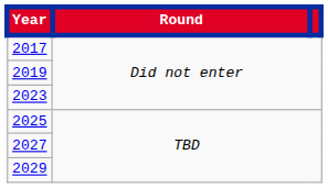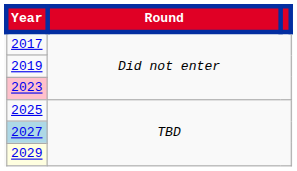 <table class="wikitable" style="text-align: center; font-size:90%">
 <tr style="color:white;">
 <th style="background:#e00025; border: 4px solid #032ea1;">Year</th>
 <th style="background:#e00025; border: 4px solid #032ea1; width:200px">Round</th>
 <th style="background:#e00025; border: 4px solid #032ea1;"></th>
 </tr>
 <tr>
 <td><a href='#'>2017</a></td>
 <td colspan="2" rowspan="3"><em>Did not enter</em></td>
 </tr>
 <tr>
 <td><a href='#'>2019</a></td>
 </tr>
 <tr>
-<td><a href='#'>2023</a></td>
+<td style="background: pink;"><a href='#'>2023</a></td>
 </tr>
 <tr>
 <td><a href='#'>2025</a></td>
 <td colspan="2" rowspan="3"><em>TBD</em></td>
 </tr>
 <tr>
-<td><a href='#'>2027</a></td>
+<td style="background: lightblue;"><a href='#'>2027</a></td>
 </tr>
 <tr>
-<td><a href='#'>2029</a></td>
+<td style="background: lightyellow;"><a href='#'>2029</a></td>
 </tr>
 </table>
